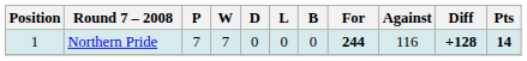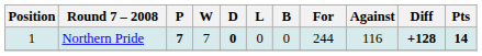 <table class="wikitable" style="text-align:center; font-size:85%;">
 <tr>
 <th width=40 abbr="Position">Position</th>
 <th width=100>Round 7 – 2008</th>
 <th width=20 abbr="Played">P</th>
 <th width=20 abbr="Won">W</th>
 <th width=20 abbr="Drawn">D</th>
 <th width=20 abbr="Lost">L</th>
 <th width=20 abbr="Bye">B</th>
 <th width=40 abbr="Points for">For</th>
 <th width=40 abbr="Points against">Against</th>
 <th width=40 abbr="Points difference">Diff</th>
 <th width=25 abbr="Points">Pts</th>
 </tr>
 <tr style="background: #d7ebed;">
 <td>1</td>
 <td style="text-align:left;"> <a href='#'>Northern Pride</a></td>
+<td><strong>7</strong></td>
 <td>7</td>
-<td>7</td>
+<td><strong>0</strong></td>
 <td>0</td>
 <td>0</td>
-<td>0</td>
-<td><strong>244</strong></td>
+<td>244</td>
 <td>116</td>
 <td><strong>+128</strong></td>
 <td><strong>14</strong></td>
 </tr>
 <tr>
 </tr>
 </table>
